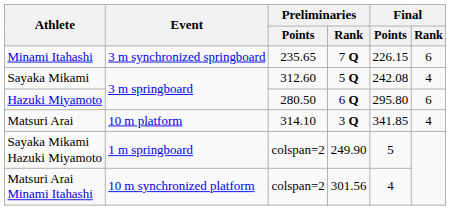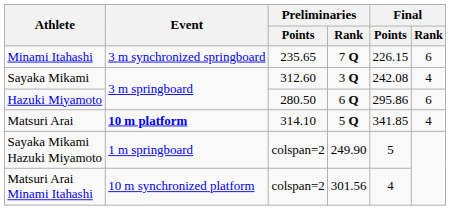 <table class=wikitable style=font-size:90%;text-align:center>
 <tr>
 <th rowspan="2">Athlete</th>
 <th rowspan="2">Event</th>
 <th colspan="2">Preliminaries</th>
 <th colspan="2">Final</th>
 </tr>
 <tr style="font-size:95%">
 <th>Points</th>
 <th>Rank</th>
 <th>Points</th>
 <th>Rank</th>
 </tr>
 <tr>
 <td style="text-align:left"><a href='#'>Minami Itahashi</a></td>
 <td style="text-align:left"><a href='#'>3 m synchronized springboard</a></td>
 <td>235.65</td>
 <td>7 <strong>Q</strong></td>
 <td>226.15</td>
 <td>6</td>
 </tr>
 <tr>
 <td style="text-align:left">Sayaka Mikami</td>
 <td style="text-align:left" rowspan=2><a href='#'>3 m springboard</a></td>
 <td>312.60</td>
-<td>5 <strong>Q</strong></td>
+<td>3 <strong>Q</strong></td>
 <td>242.08</td>
 <td>4</td>
 </tr>
 <tr>
 <td style="text-align:left"><a href='#'>Hazuki Miyamoto</a></td>
 <td>280.50</td>
 <td>6 <strong>Q</strong></td>
-<td>295.80</td>
+<td>295.86</td>
 <td>6</td>
 </tr>
 <tr>
 <td style="text-align:left">Matsuri Arai</td>
-<td style="text-align:left"><a href='#'>10 m platform</a></td>
+<td style="text-align:left"><strong><a href='#'>10 m platform</a></strong></td>
 <td>314.10</td>
-<td>3 <strong>Q</strong></td>
+<td>5 <strong>Q</strong></td>
 <td>341.85</td>
 <td>4</td>
 </tr>
 <tr>
 <td style="text-align:left">Sayaka Mikami<br>Hazuki Miyamoto</td>
 <td style="text-align:left"><a href='#'>1 m springboard</a></td>
 <td>colspan=2 </td>
 <td>249.90</td>
 <td>5</td>
 </tr>
 <tr>
 <td style="text-align:left">Matsuri Arai<br><a href='#'>Minami Itahashi</a></td>
 <td style="text-align:left"><a href='#'>10 m synchronized platform</a></td>
 <td>colspan=2 </td>
 <td>301.56</td>
 <td>4</td>
 </tr>
 </table>
